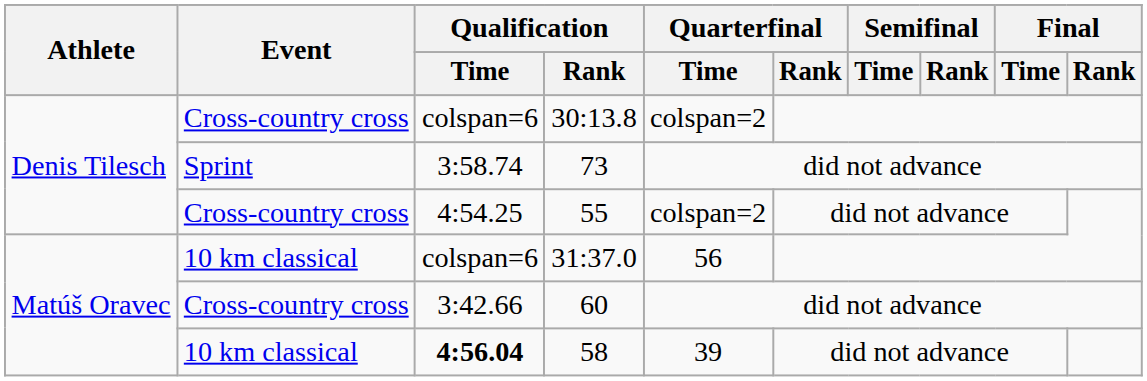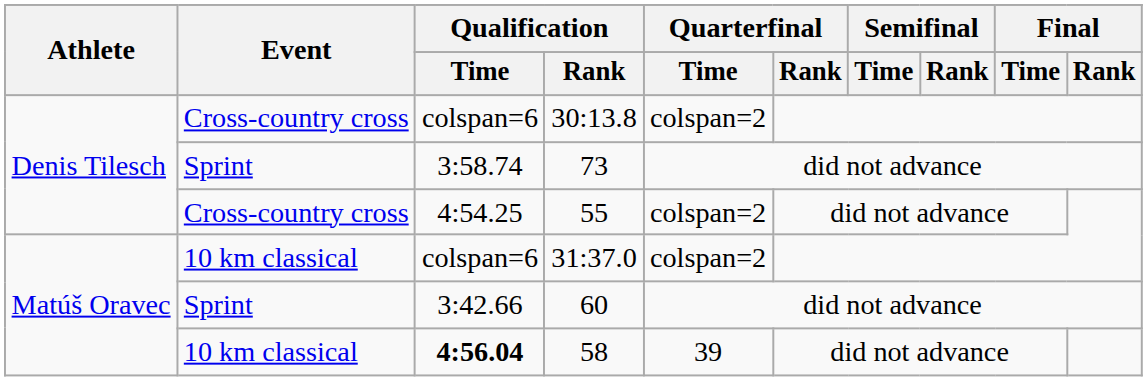 <table class="wikitable" style="font-size:90%">
 <tr>
 <th rowspan="2">Athlete</th>
 <th rowspan="2">Event</th>
 <th colspan="2">Qualification</th>
 <th colspan="2">Quarterfinal</th>
 <th colspan="2">Semifinal</th>
 <th colspan="2">Final</th>
 </tr>
 <tr style="font-size:95%">
 <th>Time</th>
 <th>Rank</th>
 <th>Time</th>
 <th>Rank</th>
 <th>Time</th>
 <th>Rank</th>
 <th>Time</th>
 <th>Rank</th>
 </tr>
 <tr align=center>
 <td align=left rowspan=3><a href='#'>Denis Tilesch</a></td>
 <td align=left><a href='#'>Cross-country cross</a></td>
 <td>colspan=6 </td>
 <td>30:13.8</td>
 <td>colspan=2 </td>
 </tr>
 <tr align=center>
 <td align=left><a href='#'>Sprint</a></td>
 <td>3:58.74</td>
 <td>73</td>
 <td colspan=6>did not advance</td>
 </tr>
 <tr align=center>
 <td align=left><a href='#'>Cross-country cross</a></td>
 <td>4:54.25</td>
 <td>55</td>
 <td>colspan=2 </td>
 <td colspan=4>did not advance</td>
 </tr>
 <tr align=center>
 <td align=left rowspan=3><a href='#'>Matúš Oravec</a></td>
 <td align=left><a href='#'>10 km classical</a></td>
 <td>colspan=6 </td>
 <td>31:37.0</td>
-<td>56</td>
+<td>colspan=2 </td>
 </tr>
 <tr align=center>
-<td align=left><a href='#'>Cross-country cross</a></td>
+<td align=left><a href='#'>Sprint</a></td>
 <td>3:42.66</td>
 <td>60</td>
 <td colspan=6>did not advance</td>
 </tr>
 <tr align=center>
 <td align=left><a href='#'>10 km classical</a></td>
 <td><strong>4:56.04</strong></td>
 <td>58</td>
 <td>39</td>
 <td colspan=4>did not advance</td>
 </tr>
 </table>
